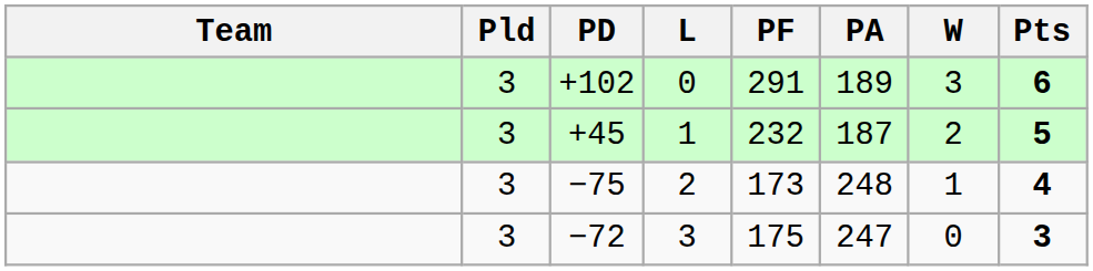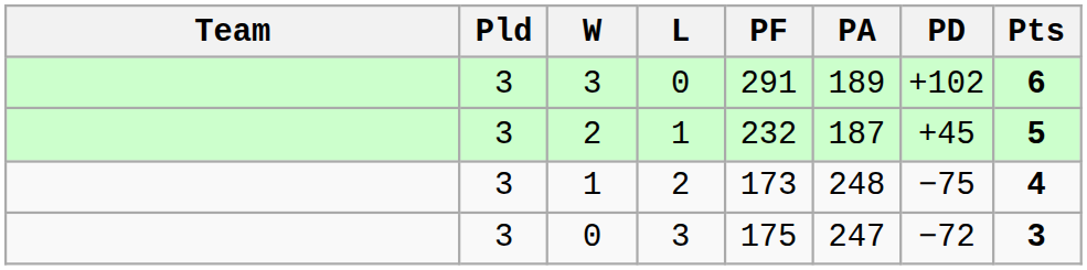 <table class=wikitable style="text-align:center">
 <tr>
 <th width=180>Team</th>
 <th width=30>Pld</th>
-<th width=30>PD</th>
+<th width=30>W</th>
 <th width=30>L</th>
 <th width=30>PF</th>
 <th width=30>PA</th>
-<th width=30>W</th>
+<th width=30>PD</th>
 <th width=30>Pts</th>
 </tr>
 <tr align=center bgcolor="#ccffcc">
 <td align=left></td>
 <td>3</td>
-<td>+102</td>
+<td>3</td>
 <td>0</td>
 <td>291</td>
 <td>189</td>
-<td>3</td>
+<td>+102</td>
 <td><strong>6</strong></td>
 </tr>
 <tr align=center bgcolor="#ccffcc">
 <td align=left></td>
 <td>3</td>
-<td>+45</td>
+<td>2</td>
 <td>1</td>
 <td>232</td>
 <td>187</td>
-<td>2</td>
+<td>+45</td>
 <td><strong>5</strong></td>
 </tr>
 <tr align=center>
 <td align=left></td>
 <td>3</td>
-<td>−75</td>
+<td>1</td>
 <td>2</td>
 <td>173</td>
 <td>248</td>
-<td>1</td>
+<td>−75</td>
 <td><strong>4</strong></td>
 </tr>
 <tr align=center>
 <td align=left></td>
 <td>3</td>
-<td>−72</td>
+<td>0</td>
 <td>3</td>
 <td>175</td>
 <td>247</td>
-<td>0</td>
+<td>−72</td>
 <td><strong>3</strong></td>
 </tr>
 </table>
